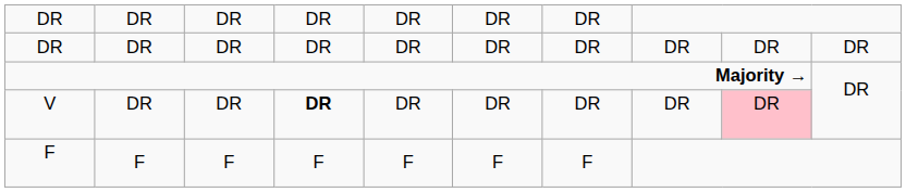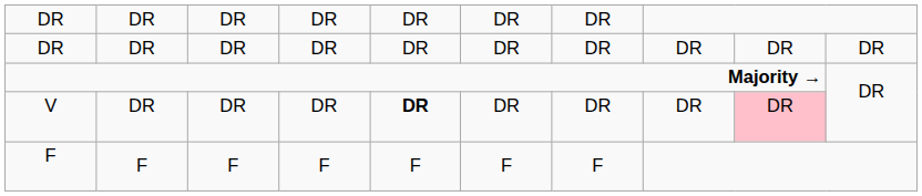 <table class="wikitable" style="text-align:center" width=800px>
 <tr>
 <td>DR</td>
 <td>DR</td>
 <td>DR</td>
 <td>DR</td>
 <td>DR</td>
 <td>DR</td>
 <td>DR</td>
 </tr>
 <tr>
 <td width=50px >DR</td>
 <td width=50px >DR</td>
 <td width=50px >DR</td>
 <td width=50px >DR</td>
 <td width=50px >DR</td>
 <td width=50px >DR</td>
 <td width=50px >DR</td>
 <td width=50px >DR</td>
 <td width=50px >DR</td>
 <td width=50px >DR</td>
 </tr>
 <tr>
 <td colspan=9 style="text-align:right"><strong>Majority →</strong></td>
 <td rowspan=2 >DR<br><br></td>
 </tr>
 <tr>
 <td>V<br><br></td>
 <td>DR<br><br></td>
 <td>DR<br><br></td>
+<td>DR<br><br></td>
 <td><strong>DR<br><br></strong></td>
-<td>DR<br><br></td>
 <td>DR<br><br></td>
 <td>DR<br><br></td>
 <td>DR<br><br></td>
 <td style="background: pink;">DR<br><br></td>
 </tr>
 <tr>
 <td>F<br><br></td>
 <td>F</td>
 <td>F</td>
 <td>F</td>
 <td>F</td>
 <td>F</td>
 <td>F</td>
 </tr>
 </table>
